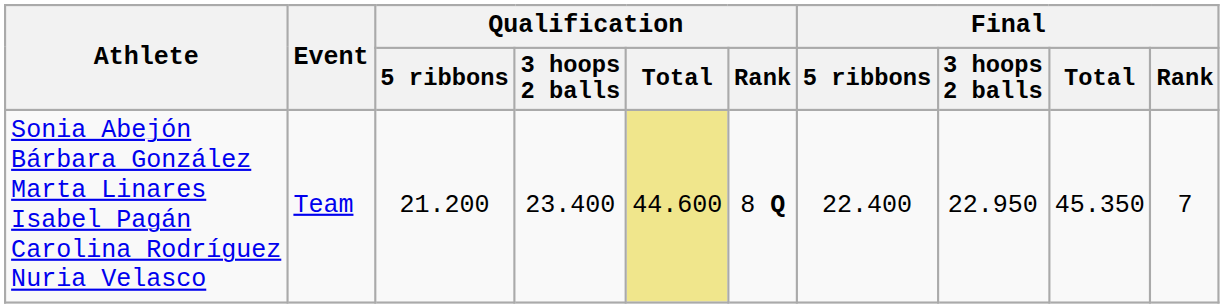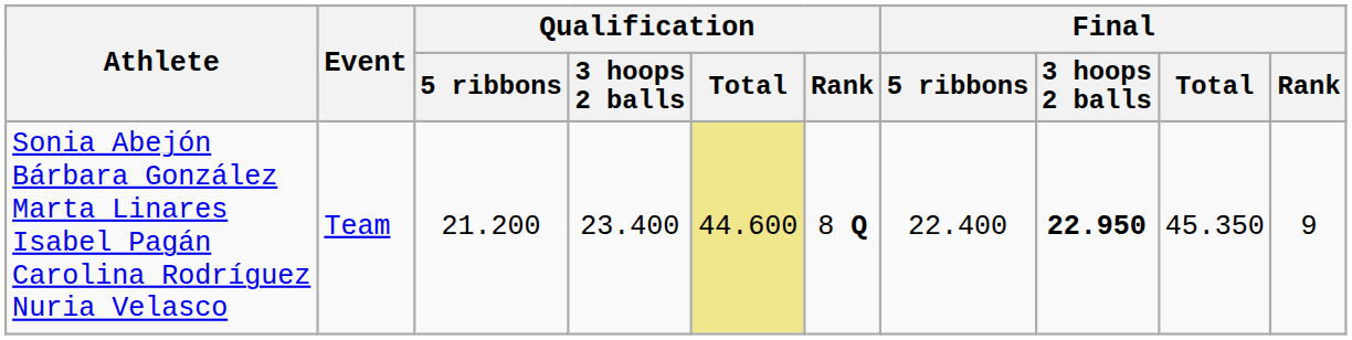 <table class="wikitable" style="font-size:90%">
 <tr>
 <th rowspan="2">Athlete</th>
 <th rowspan="2">Event</th>
 <th colspan="4">Qualification</th>
 <th colspan="4">Final</th>
 </tr>
 <tr style="font-size:95%">
 <th>5 ribbons</th>
 <th>3 hoops <br>2 balls</th>
 <th>Total</th>
 <th>Rank</th>
 <th>5 ribbons</th>
 <th>3 hoops <br>2 balls</th>
 <th>Total</th>
 <th>Rank</th>
 </tr>
 <tr align=center>
 <td align=left><a href='#'>Sonia Abejón</a><br><a href='#'>Bárbara González</a><br><a href='#'>Marta Linares</a><br><a href='#'>Isabel Pagán</a><br><a href='#'>Carolina Rodríguez</a><br><a href='#'>Nuria Velasco</a></td>
 <td align=left><a href='#'>Team</a></td>
 <td>21.200</td>
 <td>23.400</td>
 <td style="background: khaki;">44.600</td>
 <td>8 <strong>Q</strong></td>
 <td>22.400</td>
-<td>22.950</td>
+<td><strong>22.950</strong></td>
 <td>45.350</td>
-<td>7</td>
+<td>9</td>
 </tr>
 </table>
